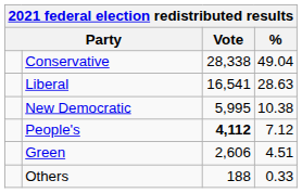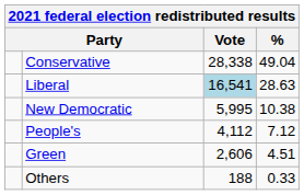 <table class="wikitable">
 <tr>
 <th colspan="4"><a href='#'>2021 federal election</a> redistributed results</th>
 </tr>
 <tr>
 <th bgcolor="#DDDDFF" width="130px" colspan="2">Party</th>
 <th bgcolor="#DDDDFF" width="50px">Vote</th>
 <th bgcolor="#DDDDFF" width="30px">%</th>
 </tr>
 <tr>
 <td> </td>
 <td><a href='#'>Conservative</a></td>
 <td align=right>28,338</td>
 <td align=right>49.04</td>
 </tr>
 <tr>
 <td> </td>
 <td><a href='#'>Liberal</a></td>
-<td align=right>16,541</td>
+<td align=right style="background: lightblue;">16,541</td>
 <td align=right>28.63</td>
 </tr>
 <tr>
 <td> </td>
 <td><a href='#'>New Democratic</a></td>
 <td align=right>5,995</td>
 <td align=right>10.38</td>
 </tr>
 <tr>
 <td> </td>
 <td><a href='#'>People's</a></td>
-<td align=right><strong>4,112</strong></td>
+<td align=right>4,112</td>
 <td align=right>7.12</td>
 </tr>
 <tr>
 <td> </td>
 <td><a href='#'>Green</a></td>
 <td align=right>2,606</td>
 <td align=right>4.51</td>
 </tr>
 <tr>
 <td> </td>
 <td>Others</td>
 <td align=right>188</td>
 <td align=right>0.33</td>
 </tr>
 </table>
